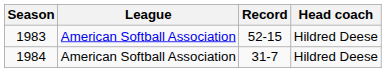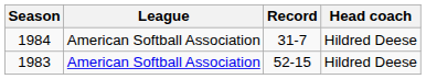 <table class="wikitable sortable" style="text-align:center;">
 <tr>
 <th style="text-align:center;">Season</th>
 <th style="text-align:center;">League</th>
 <th style="text-align:center;">Record</th>
 <th style="text-align:center;">Head coach</th>
 </tr>
 <tr>
+<td>1984</td>
+<td>American Softball Association</td>
+<td>31-7</td>
+<td>Hildred Deese</td>
+</tr>
+<tr>
 <td>1983</td>
 <td><a href='#'>American Softball Association</a></td>
 <td>52-15</td>
 <td>Hildred Deese</td>
 </tr>
-<tr>
-<td>1984</td>
-<td>American Softball Association</td>
-<td>31-7</td>
-<td>Hildred Deese</td>
-</tr>
 </table>
